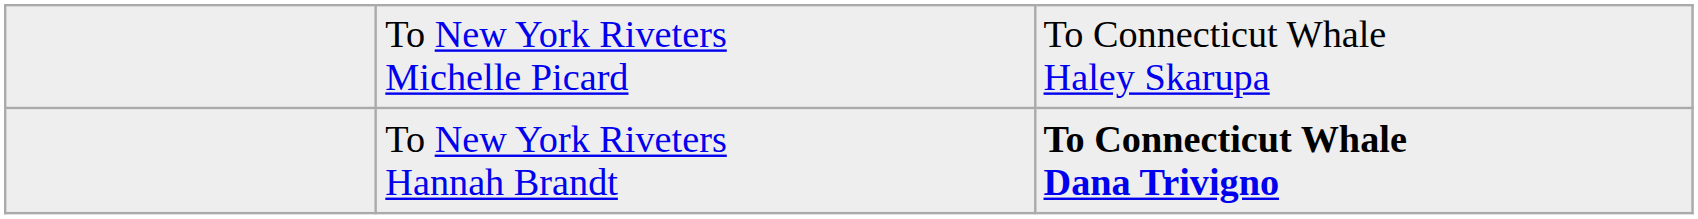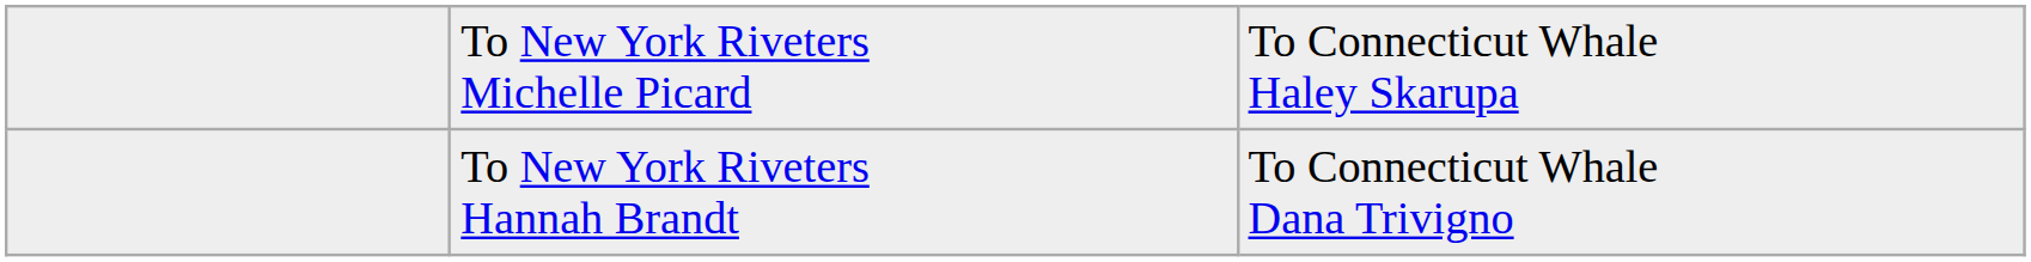 <table class="wikitable" style="border:1px solid #999999; width:80%;">
 <tr bgcolor="eeeeee">
 <td style="width:22%;"></td>
 <td style="width:39%;" valign="top">To <a href='#'>New York Riveters</a><br><a href='#'>Michelle Picard</a></td>
 <td style="width:39%;" valign="top">To Connecticut Whale<br><a href='#'>Haley Skarupa</a></td>
 </tr>
 <tr bgcolor="eeeeee">
 <td style="width:22%;"></td>
 <td style="width:39%;" valign="top">To <a href='#'>New York Riveters</a><br><a href='#'>Hannah Brandt</a></td>
-<td style="width:39%;" valign="top"><strong>To Connecticut Whale<br><a href='#'>Dana Trivigno</a></strong></td>
+<td style="width:39%;" valign="top">To Connecticut Whale<br><a href='#'>Dana Trivigno</a></td>
 </tr>
 </table>
